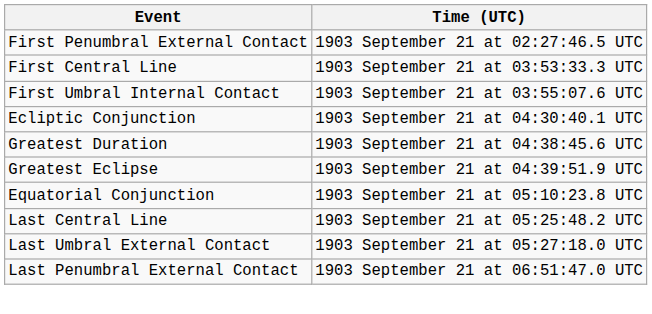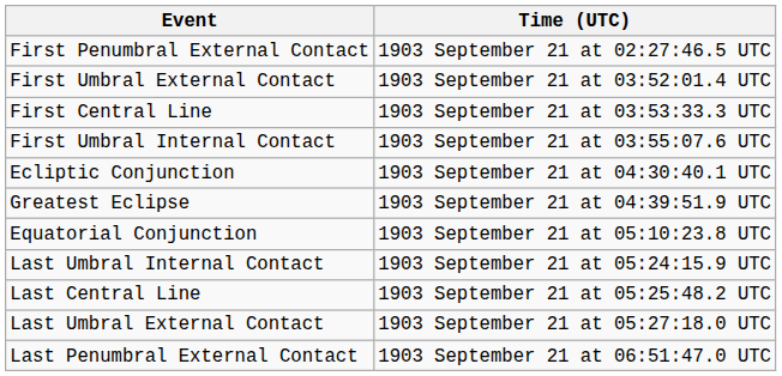 <table class="wikitable">
 <tr>
 <th>Event</th>
 <th>Time (UTC)</th>
 </tr>
 <tr>
 <td>First Penumbral External Contact</td>
 <td>1903 September 21 at 02:27:46.5 UTC</td>
+</tr>
+<tr>
+<td>First Umbral External Contact</td>
+<td>1903 September 21 at 03:52:01.4 UTC</td>
 </tr>
 <tr>
 <td>First Central Line</td>
 <td>1903 September 21 at 03:53:33.3 UTC</td>
 </tr>
 <tr>
 <td>First Umbral Internal Contact</td>
 <td>1903 September 21 at 03:55:07.6 UTC</td>
 </tr>
 <tr>
 <td>Ecliptic Conjunction</td>
 <td>1903 September 21 at 04:30:40.1 UTC</td>
 </tr>
 <tr>
-<td>Greatest Duration</td>
-<td>1903 September 21 at 04:38:45.6 UTC</td>
-</tr>
-<tr>
 <td>Greatest Eclipse</td>
 <td>1903 September 21 at 04:39:51.9 UTC</td>
 </tr>
 <tr>
 <td>Equatorial Conjunction</td>
 <td>1903 September 21 at 05:10:23.8 UTC</td>
+</tr>
+<tr>
+<td>Last Umbral Internal Contact</td>
+<td>1903 September 21 at 05:24:15.9 UTC</td>
 </tr>
 <tr>
 <td>Last Central Line</td>
 <td>1903 September 21 at 05:25:48.2 UTC</td>
 </tr>
 <tr>
 <td>Last Umbral External Contact</td>
 <td>1903 September 21 at 05:27:18.0 UTC</td>
 </tr>
 <tr>
 <td>Last Penumbral External Contact</td>
 <td>1903 September 21 at 06:51:47.0 UTC</td>
 </tr>
 </table>
